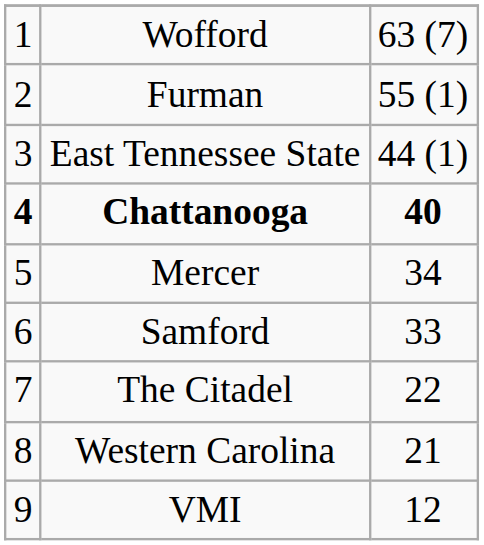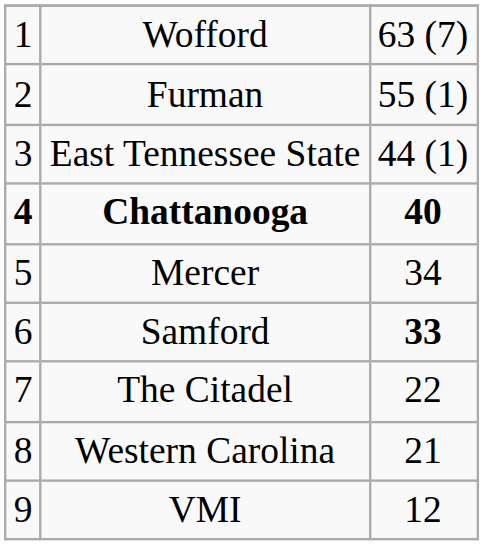 <table class="wikitable" style="display: inline-table;">
 <tr align="center">
 </tr>
 <tr align="center">
 <td>1</td>
 <td>Wofford</td>
 <td>63 (7)</td>
 </tr>
 <tr align="center">
 <td>2</td>
 <td>Furman</td>
 <td>55 (1)</td>
 </tr>
 <tr align="center">
 <td>3</td>
 <td>East Tennessee State</td>
 <td>44 (1)</td>
 </tr>
 <tr align="center">
 <td><strong>4</strong></td>
 <td><strong>Chattanooga</strong></td>
 <td><strong>40</strong></td>
 </tr>
 <tr align="center">
 <td>5</td>
 <td>Mercer</td>
 <td>34</td>
 </tr>
 <tr align="center">
 <td>6</td>
 <td>Samford</td>
-<td>33</td>
+<td><strong>33</strong></td>
 </tr>
 <tr align="center">
 <td>7</td>
 <td>The Citadel</td>
 <td>22</td>
 </tr>
 <tr align="center">
 <td>8</td>
 <td>Western Carolina</td>
 <td>21</td>
 </tr>
 <tr align="center">
 <td>9</td>
 <td>VMI</td>
 <td>12</td>
 </tr>
 </table>
